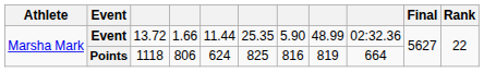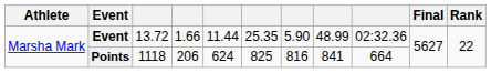 <table class=wikitable style=font-size:90%;text-align:center>
 <tr>
 <th>Athlete</th>
 <th>Event</th>
 <th></th>
 <th></th>
 <th></th>
 <th></th>
 <th></th>
 <th></th>
 <th></th>
 <th>Final</th>
 <th>Rank</th>
 </tr>
 <tr>
 <td rowspan=2><a href='#'>Marsha Mark</a></td>
 <th style=font=size:95%>Event</th>
 <td>13.72</td>
 <td>1.66</td>
 <td>11.44</td>
 <td>25.35</td>
 <td>5.90</td>
 <td>48.99</td>
 <td>02:32.36</td>
 <td rowspan=2>5627</td>
 <td rowspan=2>22</td>
 </tr>
 <tr>
 <th style=font-size:95%>Points</th>
 <td>1118</td>
-<td>806</td>
+<td>206</td>
 <td>624</td>
 <td>825</td>
 <td>816</td>
-<td>819</td>
+<td>841</td>
 <td>664</td>
 </tr>
 </table>
